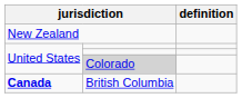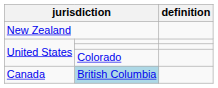 <table class="wikitable">
 <tr>
 <th colspan="2">jurisdiction</th>
 <th colspan="2">definition</th>
 </tr>
 <tr>
 <td colspan="2"><a href='#'>New Zealand</a></td>
 <td></td>
 </tr>
 <tr>
 <td rowspan = "3"><a href='#'>United States</a></td>
 <td></td>
 <td></td>
 </tr>
 <tr>
 <td></td>
 <td></td>
 </tr>
 <tr>
-<td style="background: lightgrey;"><a href='#'>Colorado</a></td>
+<td><a href='#'>Colorado</a></td>
 <td></td>
 </tr>
 <tr>
-<td><strong><a href='#'>Canada</a></strong></td>
-<td><a href='#'>British Columbia</a></td>
+<td><a href='#'>Canada</a></td>
+<td style="background: lightblue;"><a href='#'>British Columbia</a></td>
 <td></td>
 </tr>
 </table>
